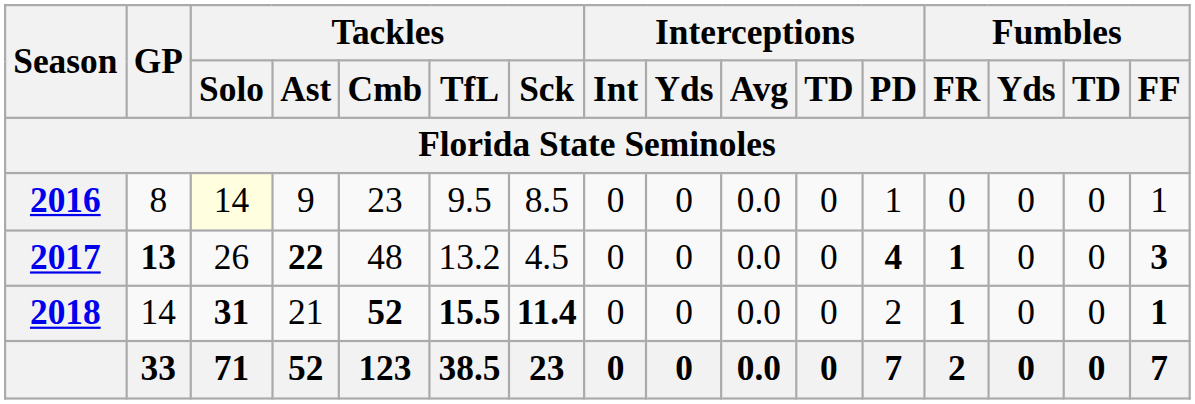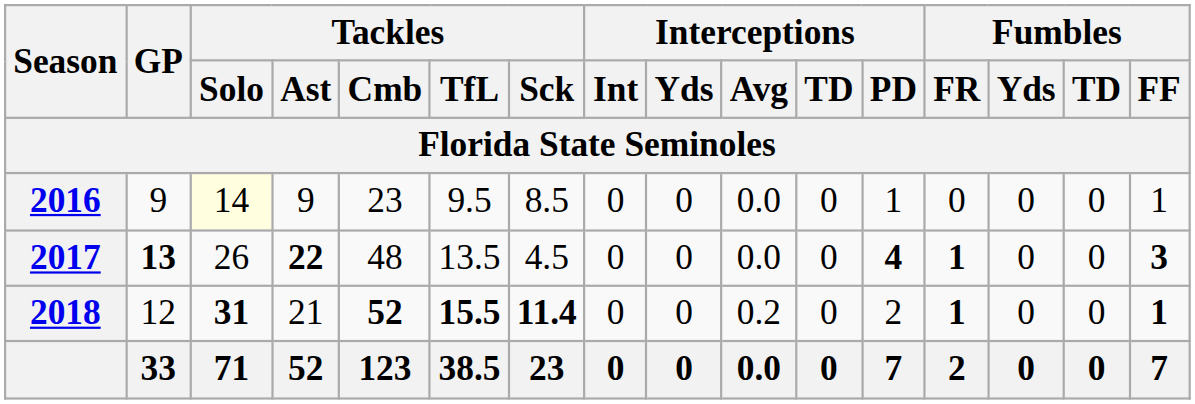 <table class="wikitable" style="text-align:center;">
 <tr>
 <th rowspan="2">Season</th>
 <th rowspan="2">GP</th>
 <th colspan="5">Tackles</th>
 <th colspan="5">Interceptions</th>
 <th colspan="4">Fumbles</th>
 </tr>
 <tr>
 <th>Solo</th>
 <th>Ast</th>
 <th>Cmb</th>
 <th>TfL</th>
 <th>Sck</th>
 <th>Int</th>
 <th>Yds</th>
 <th>Avg</th>
 <th>TD</th>
 <th>PD</th>
 <th>FR</th>
 <th>Yds</th>
 <th>TD</th>
 <th>FF</th>
 </tr>
 <tr>
 <th colspan="16">Florida State Seminoles</th>
 </tr>
 <tr>
 <th><a href='#'>2016</a></th>
-<td>8</td>
+<td>9</td>
 <td style="background: lightyellow;">14</td>
 <td>9</td>
 <td>23</td>
 <td>9.5</td>
 <td>8.5</td>
 <td>0</td>
 <td>0</td>
 <td>0.0</td>
 <td>0</td>
 <td>1</td>
 <td>0</td>
 <td>0</td>
 <td>0</td>
 <td>1</td>
 </tr>
 <tr>
 <th><a href='#'>2017</a></th>
 <td><strong>13</strong></td>
 <td>26</td>
 <td><strong>22</strong></td>
 <td>48</td>
-<td>13.2</td>
+<td>13.5</td>
 <td>4.5</td>
 <td>0</td>
 <td>0</td>
 <td>0.0</td>
 <td>0</td>
 <td><strong>4</strong></td>
 <td><strong>1</strong></td>
 <td>0</td>
 <td>0</td>
 <td><strong>3</strong></td>
 </tr>
 <tr>
 <th><a href='#'>2018</a></th>
-<td>14</td>
+<td>12</td>
 <td><strong>31</strong></td>
 <td>21</td>
 <td><strong>52</strong></td>
 <td><strong>15.5</strong></td>
 <td><strong>11.4</strong></td>
 <td>0</td>
 <td>0</td>
-<td>0.0</td>
+<td>0.2</td>
 <td>0</td>
 <td>2</td>
 <td><strong>1</strong></td>
 <td>0</td>
 <td>0</td>
 <td><strong>1</strong></td>
 </tr>
 <tr>
 <th></th>
 <th>33</th>
 <th>71</th>
 <th>52</th>
 <th>123</th>
 <th>38.5</th>
 <th>23</th>
 <th>0</th>
 <th>0</th>
 <th>0.0</th>
 <th>0</th>
 <th>7</th>
 <th>2</th>
 <th>0</th>
 <th>0</th>
 <th>7</th>
 </tr>
 </table>
